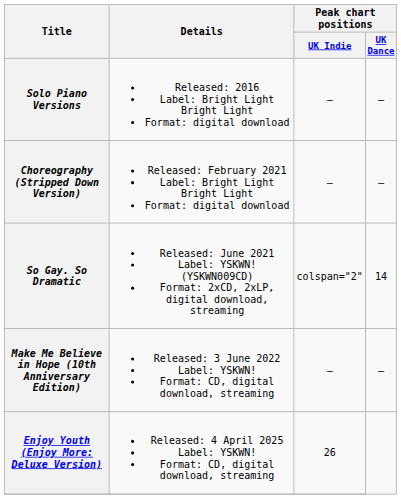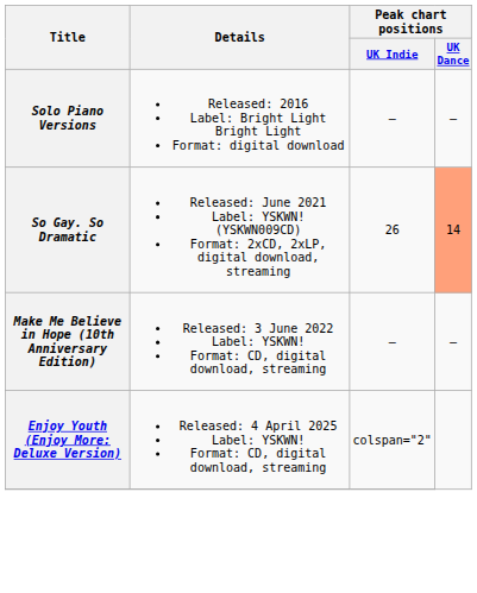 <table class="wikitable plainrowheaders" style="text-align:center;">
 <tr>
 <th scope="col" rowspan="2" style="width:10em;">Title</th>
 <th scope="col" rowspan="2" style="width:18em;">Details</th>
 <th scope="col" colspan="2">Peak chart positions</th>
 </tr>
 <tr>
 <th scope="col" style="width:3em;font-size:90%;"><a href='#'>UK Indie</a><br></th>
 <th scope="col" style="width:3em;font-size:90%;"><a href='#'>UK Dance</a><br></th>
 </tr>
 <tr>
 <th scope="row"><em>Solo Piano Versions</em></th>
 <td><br><ul><li>Released: 2016</li><li>Label: Bright Light Bright Light</li><li>Format: digital download</li></ul></td>
 <td>–</td>
 <td>–</td>
 </tr>
 <tr>
-<th scope="row"><em>Choreography (Stripped Down Version)</em></th>
-<td><br><ul><li>Released: February 2021</li><li>Label: Bright Light Bright Light</li><li>Format: digital download</li></ul></td>
-<td>–</td>
-<td>–</td>
-</tr>
-<tr>
 <th scope="row"><em>So Gay. So Dramatic</em></th>
 <td><br><ul><li>Released: June 2021</li><li>Label: YSKWN! (YSKWN009CD)</li><li>Format: 2xCD, 2xLP, digital download, streaming</li></ul></td>
-<td>colspan="2" </td>
-<td>14</td>
+<td>26</td>
+<td style="background: lightsalmon;">14</td>
 </tr>
 <tr>
 <th scope="row"><em>Make Me Believe in Hope (10th Anniversary Edition)</em></th>
 <td><br><ul><li>Released: 3 June 2022</li><li>Label: YSKWN!</li><li>Format: CD, digital download, streaming</li></ul></td>
 <td>–</td>
 <td>–</td>
 </tr>
 <tr>
 <th scope="row"><em><a href='#'>Enjoy Youth (Enjoy More: Deluxe Version)</a></em></th>
 <td><br><ul><li>Released: 4 April 2025</li><li>Label: YSKWN!</li><li>Format: CD, digital download, streaming</li></ul></td>
-<td>26</td>
+<td>colspan="2" </td>
 </tr>
 <tr>
 </tr>
 </table>
